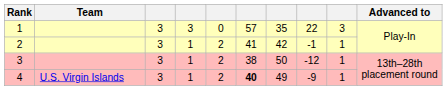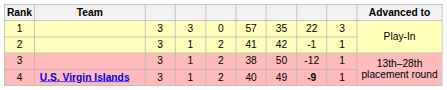 <table class="wikitable" style="text-align:center;">
 <tr>
 <th width=40>Rank</th>
 <th width=165>Team</th>
 <th width=40></th>
 <th width=40></th>
 <th width=40></th>
 <th width=40></th>
 <th width=40></th>
 <th width=40></th>
 <th width=40></th>
 <th width=125>Advanced to</th>
 </tr>
 <tr bgcolor=#ffffbb>
 <td>1</td>
 <td style="text-align:left;"></td>
 <td>3</td>
 <td>3</td>
 <td>0</td>
 <td>57</td>
 <td>35</td>
 <td>22</td>
 <td>3</td>
 <td rowspan=2>Play-In</td>
 </tr>
 <tr bgcolor=#ffffbb>
 <td>2</td>
 <td style="text-align:left;"></td>
 <td>3</td>
 <td>1</td>
 <td>2</td>
 <td>41</td>
 <td>42</td>
 <td>-1</td>
 <td>1</td>
 </tr>
 <tr bgcolor=#ffbbbb>
 <td>3</td>
 <td style="text-align:left;"></td>
 <td>3</td>
 <td>1</td>
 <td>2</td>
 <td>38</td>
 <td>50</td>
 <td>-12</td>
 <td>1</td>
 <td rowspan=2>13th–28th placement round</td>
 </tr>
 <tr bgcolor=#ffbbbb>
 <td>4</td>
-<td style="text-align:left;"> <a href='#'>U.S. Virgin Islands</a></td>
+<td style="text-align:left;"><strong> <a href='#'>U.S. Virgin Islands</a></strong></td>
 <td>3</td>
 <td>1</td>
 <td>2</td>
-<td><strong>40</strong></td>
+<td>40</td>
 <td>49</td>
-<td>-9</td>
+<td><strong>-9</strong></td>
 <td>1</td>
 </tr>
 </table>
